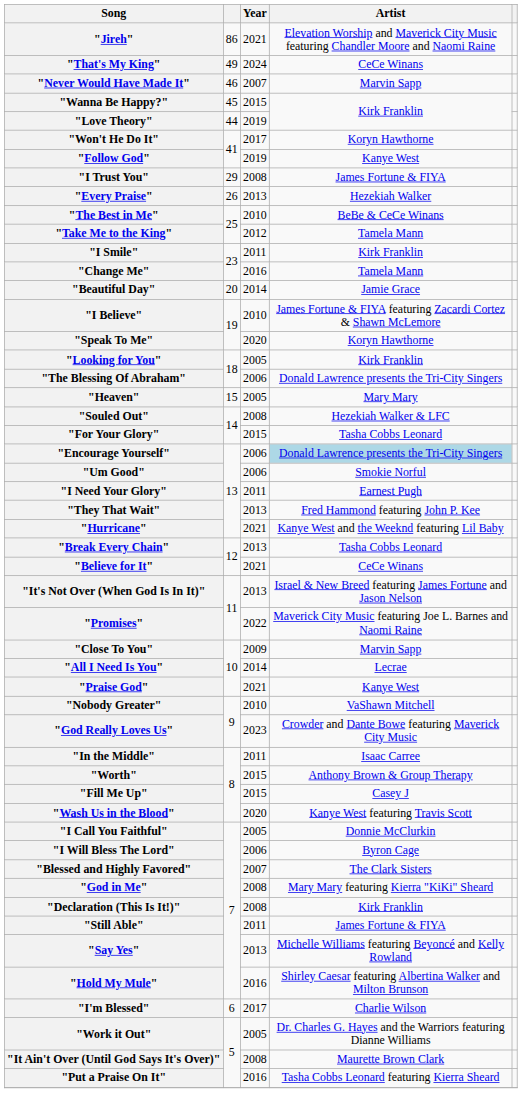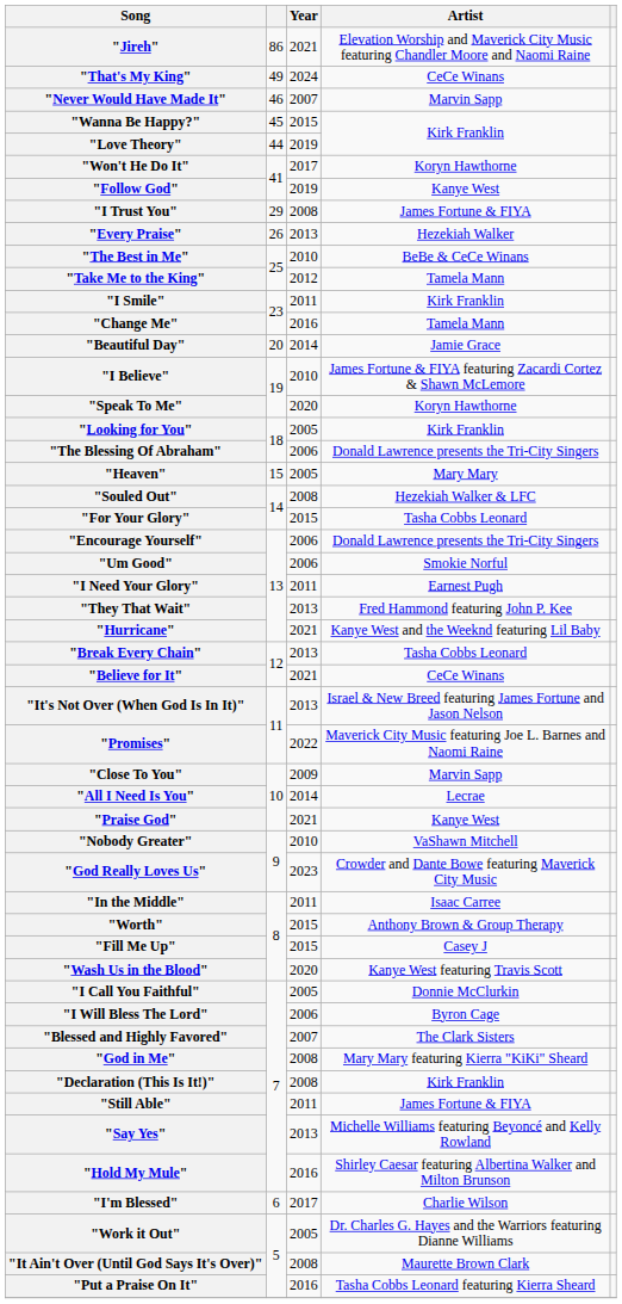 <table class="wikitable sortable plainrowheaders" style="text-align:center;" border="1";">
 <tr>
 <th scope=col>Song</th>
 <th scope=col></th>
 <th scope=col>Year</th>
 <th scope=col style="width:20em;">Artist</th>
 <th scope=col class="unsortable"></th>
 </tr>
 <tr>
 <th scope="row">"<a href='#'>Jireh</a>"</th>
 <td>86</td>
 <td>2021</td>
 <td><a href='#'>Elevation Worship</a> and <a href='#'>Maverick City Music</a> featuring <a href='#'>Chandler Moore</a> and <a href='#'>Naomi Raine</a></td>
 <td></td>
 </tr>
 <tr>
 <th scope="row">"<a href='#'>That's My King</a>"</th>
 <td>49</td>
 <td>2024</td>
 <td><a href='#'>CeCe Winans</a></td>
 <td></td>
 </tr>
 <tr>
 <th scope="row">"<a href='#'>Never Would Have Made It</a>"</th>
 <td>46</td>
 <td>2007</td>
 <td><a href='#'>Marvin Sapp</a></td>
 <td></td>
 </tr>
 <tr>
 <th scope="row">"Wanna Be Happy?"</th>
 <td>45</td>
 <td>2015</td>
 <td rowspan="2"><a href='#'>Kirk Franklin</a></td>
 <td></td>
 </tr>
 <tr>
 <th scope="row">"Love Theory"</th>
 <td>44</td>
 <td>2019</td>
 <td></td>
 </tr>
 <tr>
 <th scope="row">"Won't He Do It"</th>
 <td rowspan="2">41</td>
 <td>2017</td>
 <td><a href='#'>Koryn Hawthorne</a></td>
 <td></td>
 </tr>
 <tr>
 <th scope="row">"<a href='#'>Follow God</a>"</th>
 <td>2019</td>
 <td><a href='#'>Kanye West</a></td>
 <td></td>
 </tr>
 <tr>
 <th scope="row">"I Trust You"</th>
 <td>29</td>
 <td>2008</td>
 <td><a href='#'>James Fortune & FIYA</a></td>
 <td></td>
 </tr>
 <tr>
 <th scope="row">"<a href='#'>Every Praise</a>"</th>
 <td>26</td>
 <td>2013</td>
 <td><a href='#'>Hezekiah Walker</a></td>
 <td></td>
 </tr>
 <tr>
 <th scope="row">"<a href='#'>The Best in Me</a>"</th>
 <td rowspan="2">25</td>
 <td>2010</td>
 <td><a href='#'>BeBe & CeCe Winans</a></td>
 <td></td>
 </tr>
 <tr>
 <th scope="row">"<a href='#'>Take Me to the King</a>"</th>
 <td>2012</td>
 <td><a href='#'>Tamela Mann</a></td>
 <td></td>
 </tr>
 <tr>
 <th scope="row">"I Smile"</th>
 <td style="text-align:center;" rowspan="2">23</td>
 <td>2011</td>
 <td><a href='#'>Kirk Franklin</a></td>
 <td></td>
 </tr>
 <tr>
 <th scope="row">"Change Me"</th>
 <td>2016</td>
 <td><a href='#'>Tamela Mann</a></td>
 <td></td>
 </tr>
 <tr>
 <th scope="row">"Beautiful Day"</th>
 <td>20</td>
 <td>2014</td>
 <td><a href='#'>Jamie Grace</a></td>
 <td></td>
 </tr>
 <tr>
 <th scope="row">"I Believe"</th>
 <td rowspan="2">19</td>
 <td>2010</td>
 <td><a href='#'>James Fortune & FIYA</a> featuring <a href='#'>Zacardi Cortez</a> & <a href='#'>Shawn McLemore</a></td>
 <td></td>
 </tr>
 <tr>
 <th scope="row">"Speak To Me"</th>
 <td>2020</td>
 <td><a href='#'>Koryn Hawthorne</a></td>
 <td></td>
 </tr>
 <tr>
 <th scope="row">"<a href='#'>Looking for You</a>"</th>
 <td rowspan="2">18</td>
 <td>2005</td>
 <td><a href='#'>Kirk Franklin</a></td>
 <td></td>
 </tr>
 <tr>
 <th scope="row">"The Blessing Of Abraham"</th>
 <td>2006</td>
 <td><a href='#'>Donald Lawrence presents the Tri-City Singers</a></td>
 <td></td>
 </tr>
 <tr>
 <th scope="row">"Heaven"</th>
 <td>15</td>
 <td>2005</td>
 <td><a href='#'>Mary Mary</a></td>
 <td></td>
 </tr>
 <tr>
 <th scope="row">"Souled Out"</th>
 <td rowspan="2">14</td>
 <td>2008</td>
 <td><a href='#'>Hezekiah Walker & LFC</a></td>
 <td></td>
 </tr>
 <tr>
 <th scope="row">"For Your Glory"</th>
 <td>2015</td>
 <td><a href='#'>Tasha Cobbs Leonard</a></td>
 <td></td>
 </tr>
 <tr>
 <th scope="row">"Encourage Yourself"</th>
 <td rowspan="5">13</td>
 <td>2006</td>
-<td style="background: lightblue;"><a href='#'>Donald Lawrence presents the Tri-City Singers</a></td>
+<td><a href='#'>Donald Lawrence presents the Tri-City Singers</a></td>
 <td></td>
 </tr>
 <tr>
 <th scope="row">"Um Good"</th>
 <td>2006</td>
 <td><a href='#'>Smokie Norful</a></td>
 <td></td>
 </tr>
 <tr>
 <th scope="row">"I Need Your Glory"</th>
 <td>2011</td>
 <td><a href='#'>Earnest Pugh</a></td>
 <td></td>
 </tr>
 <tr>
 <th scope="row">"They That Wait"</th>
 <td>2013</td>
 <td><a href='#'>Fred Hammond</a> featuring <a href='#'>John P. Kee</a></td>
 <td></td>
 </tr>
 <tr>
 <th scope="row">"<a href='#'>Hurricane</a>"</th>
 <td>2021</td>
 <td><a href='#'>Kanye West</a> and <a href='#'>the Weeknd</a> featuring <a href='#'>Lil Baby</a></td>
 <td></td>
 </tr>
 <tr>
 <th scope="row">"<a href='#'>Break Every Chain</a>"</th>
 <td style="text-align:center;" rowspan="2">12</td>
 <td>2013</td>
 <td><a href='#'>Tasha Cobbs Leonard</a></td>
 <td></td>
 </tr>
 <tr>
 <th scope="row">"<a href='#'>Believe for It</a>"</th>
 <td>2021</td>
 <td><a href='#'>CeCe Winans</a></td>
 <td></td>
 </tr>
 <tr>
 <th scope="row">"It's Not Over (When God Is In It)"</th>
 <td rowspan="2">11</td>
 <td>2013</td>
 <td><a href='#'>Israel & New Breed</a> featuring <a href='#'>James Fortune</a> and <a href='#'>Jason Nelson</a></td>
 <td></td>
 </tr>
 <tr>
 <th scope="row">"<a href='#'>Promises</a>"</th>
 <td>2022</td>
 <td><a href='#'>Maverick City Music</a> featuring Joe L. Barnes and <a href='#'>Naomi Raine</a></td>
 <td></td>
 </tr>
 <tr>
 <th scope="row">"Close To You"</th>
 <td rowspan="3">10</td>
 <td>2009</td>
 <td><a href='#'>Marvin Sapp</a></td>
 <td></td>
 </tr>
 <tr>
 <th scope="row">"<a href='#'>All I Need Is You</a>"</th>
 <td>2014</td>
 <td><a href='#'>Lecrae</a></td>
 <td></td>
 </tr>
 <tr>
 <th scope="row">"<a href='#'>Praise God</a>"</th>
 <td>2021</td>
 <td><a href='#'>Kanye West</a></td>
 <td></td>
 </tr>
 <tr>
 <th scope="row">"Nobody Greater"</th>
 <td rowspan="2">9</td>
 <td>2010</td>
 <td><a href='#'>VaShawn Mitchell</a></td>
 <td></td>
 </tr>
 <tr>
 <th scope="row">"<a href='#'>God Really Loves Us</a>"</th>
 <td>2023</td>
 <td><a href='#'>Crowder</a> and <a href='#'>Dante Bowe</a> featuring <a href='#'>Maverick City Music</a></td>
 <td></td>
 </tr>
 <tr>
 <th scope="row">"In the Middle"</th>
 <td rowspan="4">8</td>
 <td>2011</td>
 <td><a href='#'>Isaac Carree</a></td>
 <td></td>
 </tr>
 <tr>
 <th scope="row">"Worth"</th>
 <td>2015</td>
 <td><a href='#'>Anthony Brown & Group Therapy</a></td>
 <td></td>
 </tr>
 <tr>
 <th scope="row">"Fill Me Up"</th>
 <td>2015</td>
 <td><a href='#'>Casey J</a></td>
 <td></td>
 </tr>
 <tr>
 <th scope="row">"<a href='#'>Wash Us in the Blood</a>"</th>
 <td>2020</td>
 <td><a href='#'>Kanye West</a> featuring <a href='#'>Travis Scott</a></td>
 <td></td>
 </tr>
 <tr>
 <th scope="row">"I Call You Faithful"</th>
 <td style="text-align:center;" rowspan="8">7</td>
 <td>2005</td>
 <td><a href='#'>Donnie McClurkin</a></td>
 <td></td>
 </tr>
 <tr>
 <th scope="row">"I Will Bless The Lord"</th>
 <td>2006</td>
 <td><a href='#'>Byron Cage</a></td>
 <td></td>
 </tr>
 <tr>
 <th scope="row">"Blessed and Highly Favored"</th>
 <td>2007</td>
 <td><a href='#'>The Clark Sisters</a></td>
 <td></td>
 </tr>
 <tr>
 <th scope="row">"<a href='#'>God in Me</a>"</th>
 <td>2008</td>
 <td><a href='#'>Mary Mary</a> featuring <a href='#'>Kierra "KiKi" Sheard</a></td>
 <td></td>
 </tr>
 <tr>
 <th scope="row">"Declaration (This Is It!)"</th>
 <td>2008</td>
 <td><a href='#'>Kirk Franklin</a></td>
 <td></td>
 </tr>
 <tr>
 <th scope="row">"Still Able"</th>
 <td>2011</td>
 <td><a href='#'>James Fortune & FIYA</a></td>
 <td></td>
 </tr>
 <tr>
 <th scope="row">"<a href='#'>Say Yes</a>"</th>
 <td>2013</td>
 <td><a href='#'>Michelle Williams</a> featuring <a href='#'>Beyoncé</a> and <a href='#'>Kelly Rowland</a></td>
 <td></td>
 </tr>
 <tr>
 <th scope="row">"<a href='#'>Hold My Mule</a>"</th>
 <td>2016</td>
 <td><a href='#'>Shirley Caesar</a> featuring <a href='#'>Albertina Walker</a> and <a href='#'>Milton Brunson</a></td>
 <td></td>
 </tr>
 <tr>
 <th scope="row">"I'm Blessed"</th>
 <td>6</td>
 <td>2017</td>
 <td><a href='#'>Charlie Wilson</a></td>
 <td></td>
 </tr>
 <tr>
 <th scope="row">"Work it Out"</th>
 <td rowspan="3">5</td>
 <td>2005</td>
 <td><a href='#'>Dr. Charles G. Hayes</a> and the Warriors featuring Dianne Williams</td>
 <td></td>
 </tr>
 <tr>
 <th scope="row">"It Ain't Over (Until God Says It's Over)"</th>
 <td>2008</td>
 <td><a href='#'>Maurette Brown Clark</a></td>
 <td></td>
 </tr>
 <tr>
 <th scope="row">"Put a Praise On It"</th>
 <td>2016</td>
 <td><a href='#'>Tasha Cobbs Leonard</a> featuring <a href='#'>Kierra Sheard</a></td>
 <td></td>
 </tr>
 <tr>
 </tr>
 </table>
